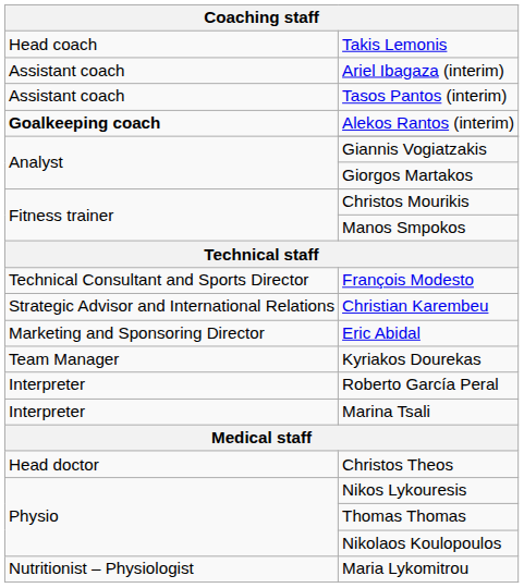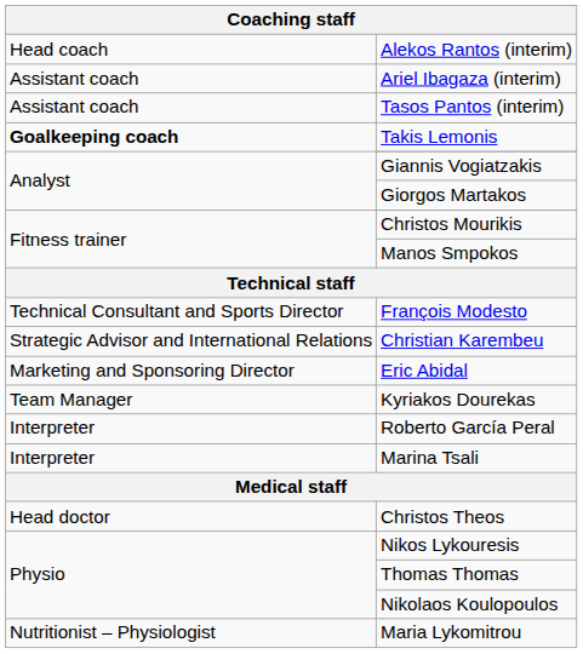 <table class="wikitable" style="text-align: center">
 <tr>
 <th colspan="2">Coaching staff</th>
 </tr>
 <tr>
 <td align=left>Head coach</td>
-<td align=left> <a href='#'>Takis Lemonis</a></td>
+<td align=left> <a href='#'>Alekos Rantos</a> (interim)</td>
 </tr>
 <tr>
 <td align=left>Assistant coach</td>
 <td align=left> <a href='#'>Ariel Ibagaza</a> (interim)</td>
 </tr>
 <tr>
 <td align=left>Assistant coach</td>
 <td align=left> <a href='#'>Tasos Pantos</a> (interim)</td>
 </tr>
 <tr>
 <td align=left><strong>Goalkeeping coach</strong></td>
-<td align=left> <a href='#'>Alekos Rantos</a> (interim)</td>
+<td align=left> <a href='#'>Takis Lemonis</a></td>
 </tr>
 <tr>
 <td style="text-align:left;" rowspan="3">Analyst</td>
 </tr>
 <tr>
 <td align=left> Giannis Vogiatzakis</td>
 </tr>
 <tr>
 <td align=left> Giorgos Martakos</td>
 </tr>
 <tr>
 <td style="text-align:left;" rowspan="3">Fitness trainer</td>
 </tr>
 <tr>
 <td align=left> Christos Mourikis</td>
 </tr>
 <tr>
 <td align=left> Manos Smpokos</td>
 </tr>
 <tr>
 <th colspan="2">Technical staff</th>
 </tr>
 <tr>
 <td align=left>Technical Consultant and Sports Director</td>
 <td align=left> <a href='#'>François Modesto</a></td>
 </tr>
 <tr>
 <td align=left>Strategic Advisor and International Relations</td>
 <td align=left> <a href='#'>Christian Karembeu</a></td>
 </tr>
 <tr>
 <td align=left>Marketing and Sponsoring Director</td>
 <td align=left> <a href='#'>Eric Abidal</a></td>
 </tr>
 <tr>
 <td align=left>Team Manager</td>
 <td align=left> Kyriakos Dourekas</td>
 </tr>
 <tr>
 <td align=left>Interpreter</td>
 <td align=left> Roberto García Peral</td>
 </tr>
 <tr>
 <td align=left>Interpreter</td>
 <td align=left> Marina Tsali</td>
 </tr>
 <tr>
 <th colspan="2">Medical staff </th>
 </tr>
 <tr>
 <td align=left>Head doctor</td>
 <td align=left> Christos Theos</td>
 </tr>
 <tr>
 <td style="text-align:left;" rowspan="3">Physio</td>
 <td align=left> Nikos Lykouresis</td>
 </tr>
 <tr>
 <td align=left> Thomas Thomas</td>
 </tr>
 <tr>
 <td align=left> Nikolaos Koulopoulos</td>
 </tr>
 <tr>
 <td align=left>Nutritionist – Physiologist</td>
 <td align=left> Maria Lykomitrou</td>
 </tr>
 </table>
